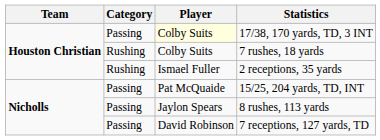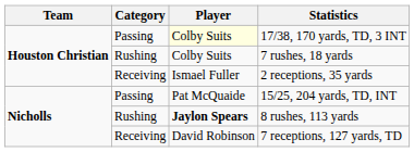 <table class="wikitable" style="float: right;">
 <tr>
 <th>Team</th>
 <th>Category</th>
 <th>Player</th>
 <th>Statistics</th>
 </tr>
 <tr>
 <td rowspan=3><strong>Houston Christian</strong></td>
 <td>Passing</td>
 <td style="background: lightyellow;">Colby Suits</td>
 <td>17/38, 170 yards, TD, 3 INT</td>
 </tr>
 <tr>
 <td>Rushing</td>
 <td>Colby Suits</td>
 <td>7 rushes, 18 yards</td>
 </tr>
 <tr>
-<td>Rushing</td>
+<td>Receiving</td>
 <td>Ismael Fuller</td>
 <td>2 receptions, 35 yards</td>
 </tr>
 <tr>
 <td rowspan=3><strong>Nicholls</strong></td>
 <td>Passing</td>
 <td>Pat McQuaide</td>
 <td>15/25, 204 yards, TD, INT</td>
 </tr>
 <tr>
-<td>Passing</td>
-<td>Jaylon Spears</td>
+<td>Rushing</td>
+<td><strong>Jaylon Spears</strong></td>
 <td>8 rushes, 113 yards</td>
 </tr>
 <tr>
-<td>Passing</td>
+<td>Receiving</td>
 <td>David Robinson</td>
 <td>7 receptions, 127 yards, TD</td>
 </tr>
 </table>
